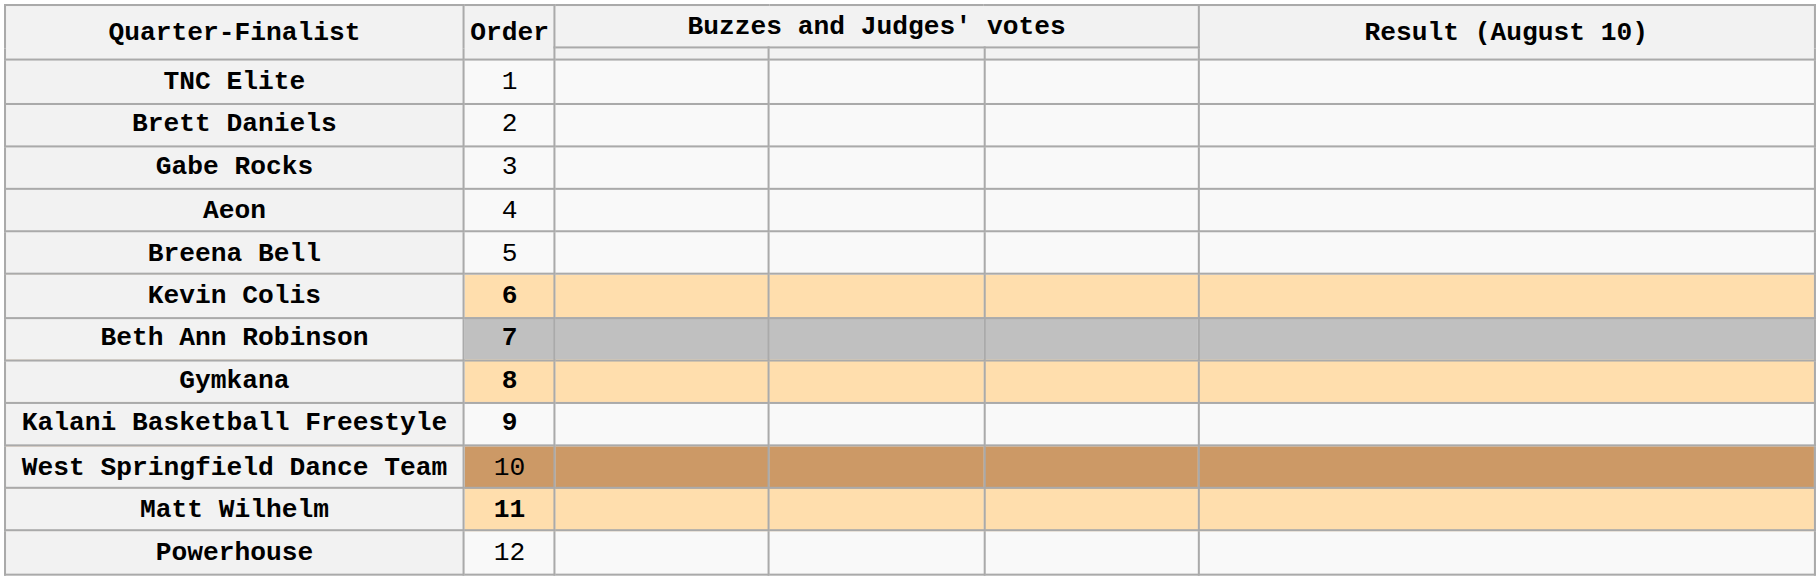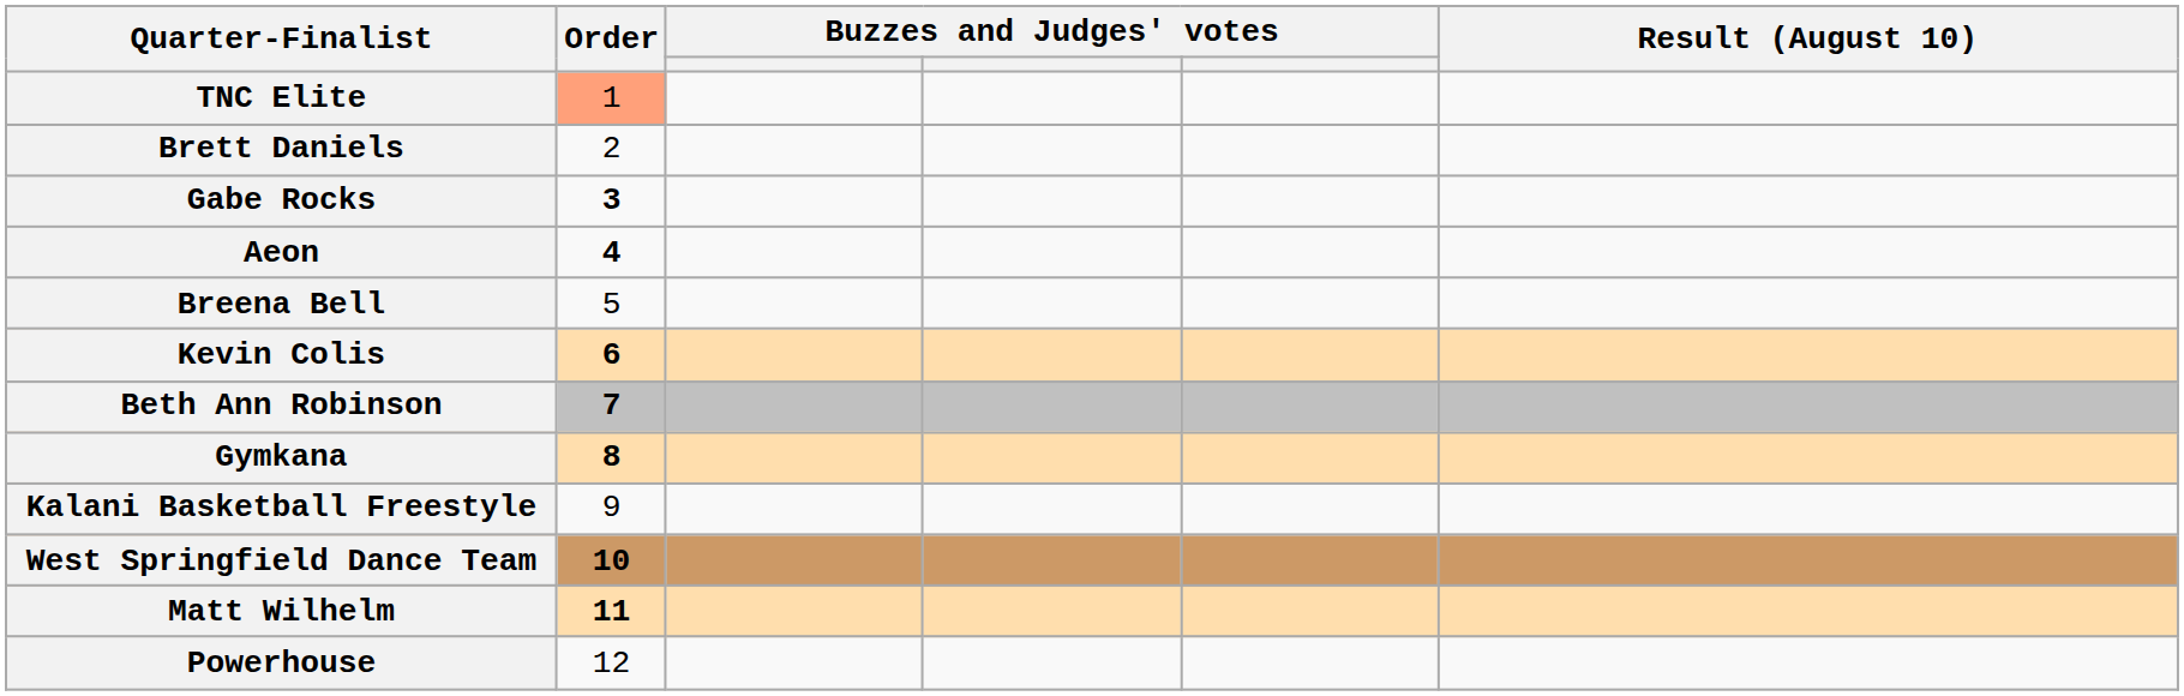 <table class="wikitable plainrowheaders sortable" style="text-align:center;">
 <tr>
 <th scope="col" rowspan="2" class="unsortable" style="width:17em;">Quarter-Finalist</th>
 <th scope="col" rowspan="2" style="width:1em;">Order</th>
 <th scope="col" colspan="3" class="unsortable" style="width:24em;">Buzzes and Judges' votes</th>
 <th scope="col" rowspan="2" style="width:23em;">Result (August 10)</th>
 </tr>
 <tr>
 <th scope="col" class="unsortable" style="width:6em;"></th>
 <th scope="col" class="unsortable" style="width:6em;"></th>
 <th scope="col" class="unsortable" style="width:6em;"></th>
 </tr>
 <tr>
 <th scope="row">TNC Elite</th>
-<td>1</td>
+<td style="background: lightsalmon;">1</td>
 <td style="text-align:center;"></td>
 <td style="text-align:center;"></td>
 <td style="text-align:center;"></td>
 <td></td>
 </tr>
 <tr>
 <th scope="row">Brett Daniels</th>
 <td>2</td>
 <td style="text-align:center;"></td>
 <td style="text-align:center;"></td>
 <td style="text-align:center;"></td>
 <td></td>
 </tr>
 <tr>
 <th scope="row">Gabe Rocks</th>
-<td>3</td>
+<td><strong>3</strong></td>
 <td style="text-align:center;"></td>
 <td style="text-align:center;"></td>
 <td style="text-align:center;"></td>
 <td></td>
 </tr>
 <tr>
 <th scope="row">Aeon</th>
-<td>4</td>
+<td><strong>4</strong></td>
 <td style="text-align:center;"></td>
 <td style="text-align:center;"></td>
 <td style="text-align:center;"></td>
 <td></td>
 </tr>
 <tr>
 <th scope="row">Breena Bell</th>
 <td>5</td>
 <td style="text-align:center;"></td>
 <td style="text-align:center;"></td>
 <td style="text-align:center;"></td>
 <td></td>
 </tr>
 <tr style="background:NavajoWhite;">
 <th scope="row"><strong>Kevin Colis</strong></th>
 <td><strong>6</strong></td>
 <td style="text-align:center;"></td>
 <td style="text-align:center;"></td>
 <td style="text-align:center;"></td>
 <td><strong></strong></td>
 </tr>
 <tr style="background:Silver;">
 <th scope="row"><strong>Beth Ann Robinson</strong></th>
 <td><strong>7</strong></td>
 <td style="text-align:center;"></td>
 <td style="text-align:center;"></td>
 <td style="text-align:center;"></td>
 <td><strong></strong></td>
 </tr>
 <tr style="background:NavajoWhite;">
 <th scope="row"><strong>Gymkana</strong></th>
 <td><strong>8</strong></td>
 <td style="text-align:center;"></td>
 <td style="text-align:center;"></td>
 <td style="text-align:center;"></td>
 <td><strong></strong></td>
 </tr>
 <tr>
 <th scope="row">Kalani Basketball Freestyle</th>
-<td><strong>9</strong></td>
+<td>9</td>
 <td style="text-align:center;"></td>
 <td style="text-align:center;"></td>
 <td style="text-align:center;"></td>
 <td></td>
 </tr>
 <tr style="background:#c96;">
 <th scope="row">West Springfield Dance Team</th>
-<td>10</td>
+<td><strong>10</strong></td>
 <td style="text-align:center;"></td>
 <td style="text-align:center;"></td>
 <td style="text-align:center;"></td>
 <td></td>
 </tr>
 <tr style="background:NavajoWhite;">
 <th scope="row"><strong>Matt Wilhelm</strong></th>
 <td><strong>11</strong></td>
 <td style="text-align:center;"></td>
 <td style="text-align:center;"></td>
 <td style="text-align:center;"></td>
 <td><strong></strong></td>
 </tr>
 <tr>
 <th scope="row">Powerhouse</th>
 <td>12</td>
 <td style="text-align:center;"></td>
 <td style="text-align:center;"></td>
 <td style="text-align:center;"></td>
 <td></td>
 </tr>
 </table>
